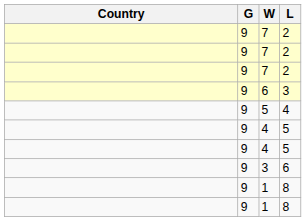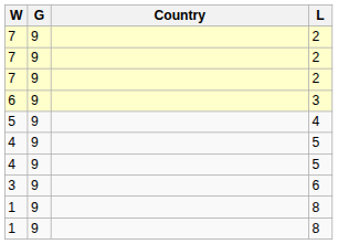 <table class="wikitable">
 <tr>
+<th bgcolor="#efefef" width="20">W</th>
+<th bgcolor="#efefef" width="20">G</th>
 <th bgcolor="#efefef" width="300">Country</th>
-<th bgcolor="#efefef" width="20">G</th>
-<th bgcolor="#efefef" width="20">W</th>
 <th bgcolor="#efefef" width="20">L</th>
 </tr>
 <tr bgcolor="#ffffcc">
+<td>7</td>
+<td>9</td>
 <td></td>
-<td>9</td>
-<td>7</td>
 <td>2</td>
 </tr>
 <tr bgcolor="#ffffcc">
+<td>7</td>
+<td>9</td>
 <td></td>
-<td>9</td>
-<td>7</td>
 <td>2</td>
 </tr>
 <tr bgcolor="#ffffcc">
+<td>7</td>
+<td>9</td>
 <td></td>
-<td>9</td>
-<td>7</td>
 <td>2</td>
 </tr>
 <tr bgcolor="#ffffcc">
+<td>6</td>
+<td>9</td>
 <td></td>
-<td>9</td>
-<td>6</td>
 <td>3</td>
 </tr>
 <tr>
+<td>5</td>
+<td>9</td>
 <td></td>
-<td>9</td>
-<td>5</td>
 <td>4</td>
 </tr>
 <tr>
+<td>4</td>
+<td>9</td>
 <td></td>
-<td>9</td>
-<td>4</td>
 <td>5</td>
 </tr>
 <tr>
+<td>4</td>
+<td>9</td>
 <td></td>
-<td>9</td>
-<td>4</td>
 <td>5</td>
 </tr>
 <tr>
+<td>3</td>
+<td>9</td>
 <td></td>
-<td>9</td>
-<td>3</td>
 <td>6</td>
 </tr>
 <tr>
+<td>1</td>
+<td>9</td>
 <td></td>
-<td>9</td>
-<td>1</td>
 <td>8</td>
 </tr>
 <tr>
+<td>1</td>
+<td>9</td>
 <td></td>
-<td>9</td>
-<td>1</td>
 <td>8</td>
 </tr>
 </table>
